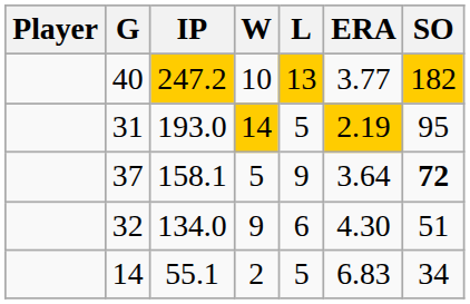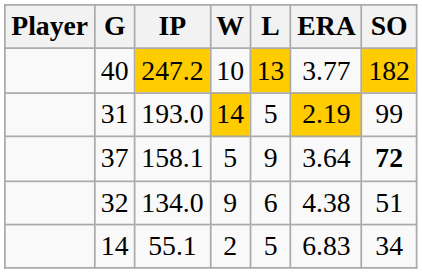 <table class="wikitable sortable">
 <tr>
 <th>Player</th>
 <th>G</th>
 <th>IP</th>
 <th>W</th>
 <th>L</th>
 <th>ERA</th>
 <th>SO</th>
 </tr>
 <tr align="center">
 <td></td>
 <td>40</td>
 <td bgcolor="#FFCC00">247.2</td>
 <td>10</td>
 <td bgcolor="#FFCC00">13</td>
 <td>3.77</td>
 <td bgcolor="#FFCC00">182</td>
 </tr>
 <tr align="center">
 <td></td>
 <td>31</td>
 <td>193.0</td>
 <td bgcolor="#FFCC00">14</td>
 <td>5</td>
 <td bgcolor="#FFCC00">2.19</td>
-<td>95</td>
+<td>99</td>
 </tr>
 <tr align=center>
 <td></td>
 <td>37</td>
 <td>158.1</td>
 <td>5</td>
 <td>9</td>
 <td>3.64</td>
 <td><strong>72</strong></td>
 </tr>
 <tr align="center">
 <td></td>
 <td>32</td>
 <td>134.0</td>
 <td>9</td>
 <td>6</td>
-<td>4.30</td>
+<td>4.38</td>
 <td>51</td>
 </tr>
 <tr align="center">
 <td></td>
 <td>14</td>
 <td>55.1</td>
 <td>2</td>
 <td>5</td>
 <td>6.83</td>
 <td>34</td>
 </tr>
 </table>
